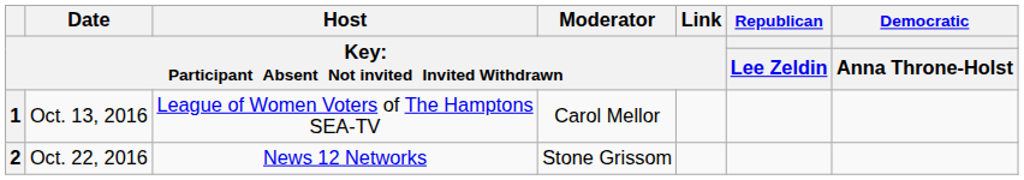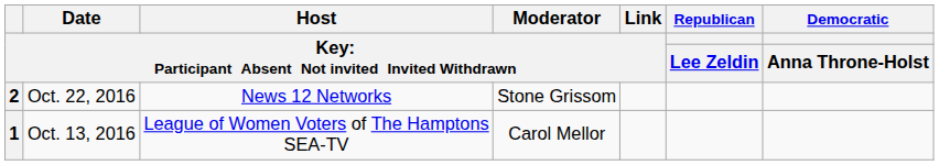 <table class="wikitable" style="text-align:center;">
 <tr>
 <th scope="col"></th>
 <th scope="col">Date</th>
 <th scope="col">Host</th>
 <th scope="col">Moderator</th>
 <th scope="col">Link</th>
 <th scope="col"><small><a href='#'>Republican</a></small></th>
 <th scope="col"><small><a href='#'>Democratic</a></small></th>
 </tr>
 <tr>
 <th colspan="5" rowspan="2">Key:<br> <small>Participant </small>  <small>Absent </small>  <small>Not invited </small>  <small>Invited  Withdrawn</small></th>
 <th scope="col" style="background:"></th>
 <th scope="col" style="background:"></th>
 </tr>
 <tr>
 <th scope="col"><a href='#'>Lee Zeldin</a></th>
 <th scope="col">Anna Throne-Holst</th>
 </tr>
 <tr>
+<th>2</th>
+<td style="white-space:nowrap;">Oct. 22, 2016</td>
+<td style="white-space:nowrap;"><a href='#'>News 12 Networks</a></td>
+<td style="white-space:nowrap;">Stone Grissom</td>
+<td style="white-space:nowrap;"></td>
+<td></td>
+<td></td>
+</tr>
+<tr>
 <th>1</th>
 <td style="white-space:nowrap;">Oct. 13, 2016</td>
 <td style="white-space:nowrap;"><a href='#'>League of Women Voters</a> of <a href='#'>The Hamptons</a><br>SEA-TV</td>
 <td style="white-space:nowrap;">Carol Mellor</td>
 <td style="white-space:nowrap;"></td>
 <td></td>
 <td></td>
 </tr>
-<tr>
-<th>2</th>
-<td style="white-space:nowrap;">Oct. 22, 2016</td>
-<td style="white-space:nowrap;"><a href='#'>News 12 Networks</a></td>
-<td style="white-space:nowrap;">Stone Grissom</td>
-<td style="white-space:nowrap;"></td>
-<td></td>
-<td></td>
-</tr>
 </table>
